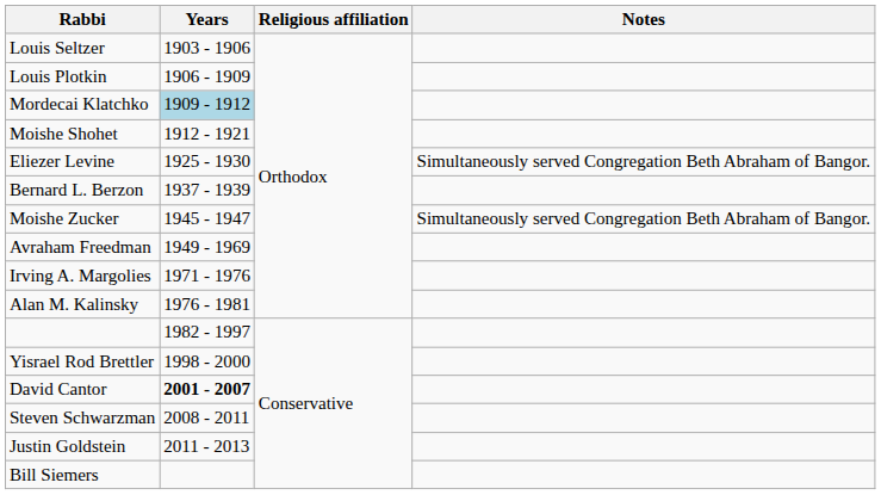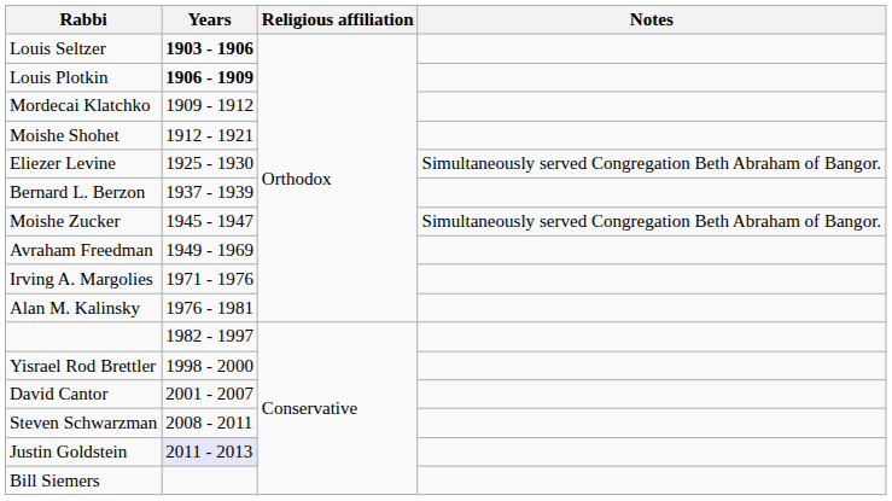 <table class="wikitable">
 <tr>
 <th>Rabbi</th>
 <th>Years</th>
 <th>Religious affiliation</th>
 <th>Notes</th>
 </tr>
 <tr>
 <td>Louis Seltzer</td>
-<td>1903 - 1906</td>
+<td><strong>1903 - 1906</strong></td>
 <td rowspan=10>Orthodox</td>
 <td></td>
 </tr>
 <tr>
 <td>Louis Plotkin</td>
-<td>1906 - 1909</td>
+<td><strong>1906 - 1909</strong></td>
 <td></td>
 </tr>
 <tr>
 <td>Mordecai Klatchko</td>
-<td style="background: lightblue;">1909 - 1912</td>
+<td>1909 - 1912</td>
 <td></td>
 </tr>
 <tr>
 <td>Moishe Shohet</td>
 <td>1912 - 1921</td>
 <td></td>
 </tr>
 <tr>
 <td>Eliezer Levine</td>
 <td>1925 - 1930</td>
 <td>Simultaneously served Congregation Beth Abraham of Bangor.</td>
 </tr>
 <tr>
 <td>Bernard L. Berzon</td>
 <td>1937 - 1939</td>
 <td></td>
 </tr>
 <tr>
 <td>Moishe Zucker</td>
 <td>1945 - 1947</td>
 <td>Simultaneously served Congregation Beth Abraham of Bangor.</td>
 </tr>
 <tr>
 <td>Avraham Freedman</td>
 <td>1949 - 1969</td>
 <td></td>
 </tr>
 <tr>
 <td>Irving A. Margolies</td>
 <td>1971 - 1976</td>
 <td></td>
 </tr>
 <tr>
 <td>Alan M. Kalinsky</td>
 <td>1976 - 1981</td>
 <td></td>
 </tr>
 <tr>
 <td></td>
 <td>1982 - 1997</td>
 <td rowspan=6>Conservative</td>
 <td></td>
 </tr>
 <tr>
 <td>Yisrael Rod Brettler</td>
 <td>1998 - 2000</td>
 <td></td>
 </tr>
 <tr>
 <td>David Cantor</td>
-<td><strong>2001 - 2007</strong></td>
+<td>2001 - 2007</td>
 <td></td>
 </tr>
 <tr>
 <td>Steven Schwarzman</td>
 <td>2008 - 2011</td>
 <td></td>
 </tr>
 <tr>
 <td>Justin Goldstein</td>
-<td>2011 - 2013</td>
+<td style="background: lavender;">2011 - 2013</td>
 <td></td>
 </tr>
 <tr>
 <td>Bill Siemers</td>
 <td></td>
 <td></td>
 </tr>
 </table>
